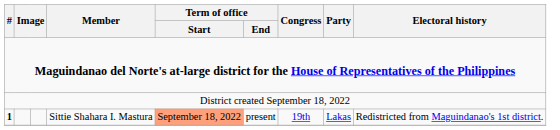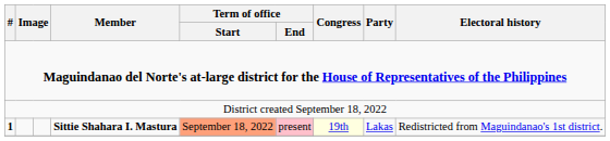 <table class=wikitable>
 <tr>
 <th rowspan="2">#</th>
 <th rowspan="2" colspan=2>Image</th>
 <th rowspan="2">Member</th>
 <th colspan=2>Term of office</th>
 <th rowspan="2">Congress</th>
 <th rowspan="2">Party</th>
 <th rowspan="2">Electoral history</th>
 </tr>
 <tr>
 <th>Start</th>
 <th>End</th>
 </tr>
 <tr>
 <td colspan="10" style="text-align:center;"><br><h3>Maguindanao del Norte's at-large district for the <a href='#'>House of Representatives of the Philippines</a></h3></td>
 </tr>
 <tr>
 <td colspan="10" style="text-align:center;">District created September 18, 2022</td>
 </tr>
 <tr>
 <td style="text-align:center;"><strong>1</strong></td>
 <td style="color:inherit;background:"></td>
 <td></td>
-<td>Sittie Shahara I. Mastura</td>
+<td><strong>Sittie Shahara I. Mastura</strong></td>
 <td style="background: lightsalmon;">September 18, 2022</td>
-<td>present</td>
-<td style="text-align:center;"><a href='#'>19th</a></td>
+<td style="background: pink;">present</td>
+<td style="background: lightyellow; text-align:center;"><a href='#'>19th</a></td>
 <td><a href='#'>Lakas</a></td>
 <td>Redistricted from <a href='#'>Maguindanao's 1st district</a>.</td>
 </tr>
 <tr>
 </tr>
 </table>
